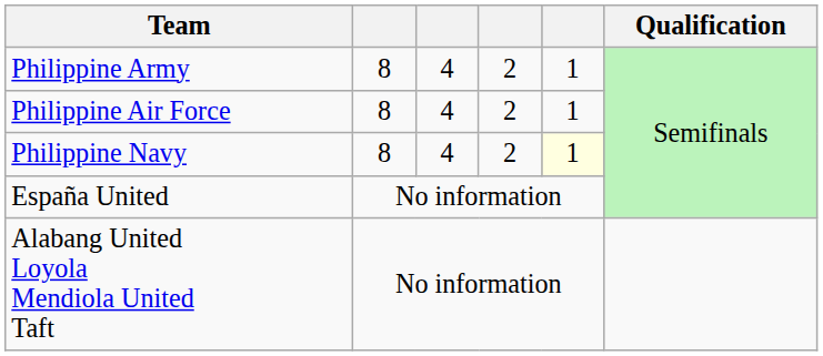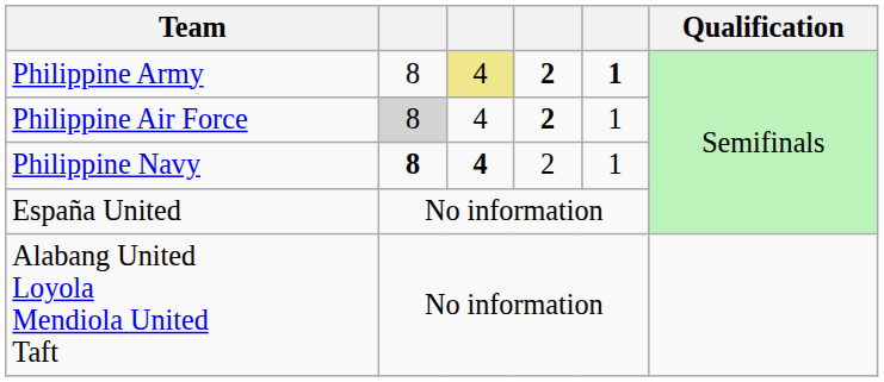 <table class="wikitable" style="text-align:center">
 <tr>
 <th width=200px>Team</th>
 <th width=30px></th>
 <th width=30px></th>
 <th width=30px></th>
 <th width=30px></th>
 <th width=120px>Qualification</th>
 </tr>
 <tr>
 <td align=left><a href='#'>Philippine Army</a></td>
 <td>8</td>
-<td>4</td>
-<td>2</td>
-<td>1</td>
+<td style="background: khaki;">4</td>
+<td><strong>2</strong></td>
+<td><strong>1</strong></td>
 <td style="background:#BBF3BB;" rowspan=4>Semifinals</td>
 </tr>
 <tr>
 <td align=left><a href='#'>Philippine Air Force</a></td>
-<td>8</td>
+<td style="background: lightgrey;">8</td>
 <td>4</td>
-<td>2</td>
+<td><strong>2</strong></td>
 <td>1</td>
 </tr>
 <tr>
 <td align=left><a href='#'>Philippine Navy</a></td>
-<td>8</td>
-<td>4</td>
+<td><strong>8</strong></td>
+<td><strong>4</strong></td>
 <td>2</td>
-<td style="background: lightyellow;">1</td>
+<td>1</td>
 </tr>
 <tr>
 <td align=left>España United</td>
 <td colspan=4><span>No information</span></td>
 </tr>
 <tr>
 <td align=left>Alabang United<br><a href='#'>Loyola</a><br><a href='#'>Mendiola United</a><br>Taft</td>
 <td colspan=4><span>No information</span></td>
 </tr>
 </table>
